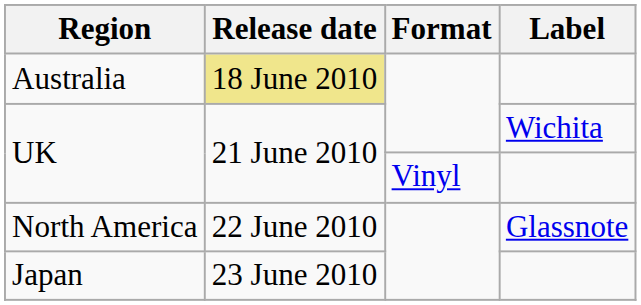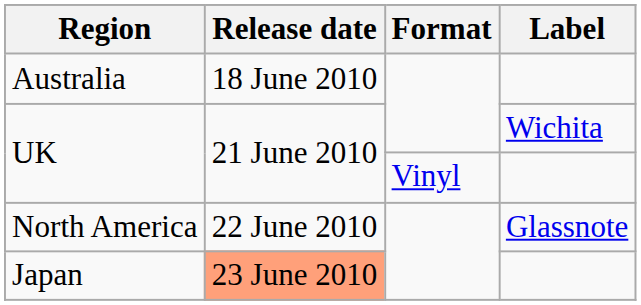 <table class="wikitable">
 <tr>
 <th>Region</th>
 <th>Release date</th>
 <th>Format</th>
 <th>Label</th>
 </tr>
 <tr>
 <td>Australia</td>
-<td style="background: khaki;">18 June 2010</td>
+<td>18 June 2010</td>
 <td rowspan=2></td>
 <td></td>
 </tr>
 <tr>
 <td rowspan=2>UK</td>
 <td rowspan=2>21 June 2010</td>
 <td><a href='#'>Wichita</a></td>
 </tr>
 <tr>
 <td><a href='#'>Vinyl</a></td>
 <td></td>
 </tr>
 <tr>
 <td>North America</td>
 <td>22 June 2010</td>
 <td rowspan=2></td>
 <td><a href='#'>Glassnote</a></td>
 </tr>
 <tr>
 <td>Japan</td>
-<td>23 June 2010</td>
+<td style="background: lightsalmon;">23 June 2010</td>
 <td></td>
 </tr>
 </table>
